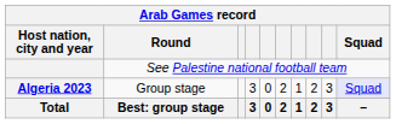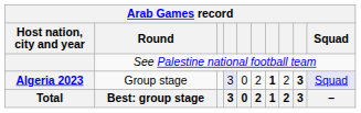 <table class="wikitable plainrowheaders" style="min-width:50%; font-size:90%; text-align:center;">
 <tr>
 <th colspan=10 style="width:80px;"><a href='#'>Arab Games</a> record</th>
 </tr>
 <tr>
 <th scope="col">Host nation,<br>city and year</th>
 <th scope="col">Round</th>
 <th scope="col"></th>
 <th scope="col"></th>
 <th scope="col"></th>
 <th scope="col"></th>
 <th scope="col"></th>
 <th scope="col"></th>
 <th scope="col"></th>
 <th scope="col">Squad</th>
 </tr>
 <tr>
 <th scope="row"></th>
 <td colspan="9"><em>See <a href='#'>Palestine national football team</a></em></td>
 </tr>
 <tr>
 <th scope="row"> <a href='#'>Algeria 2023</a></th>
 <td>Group stage</td>
 <td></td>
-<td>3</td>
+<td style="background: lavender;">3</td>
 <td>0</td>
 <td>2</td>
-<td>1</td>
+<td><strong>1</strong></td>
 <td>2</td>
-<td>3</td>
+<td><strong>3</strong></td>
 <td style="background: lavender;"><a href='#'>Squad</a></td>
 </tr>
 <tr>
 <th>Total</th>
 <th>Best: group stage</th>
 <th></th>
 <th>3</th>
 <th>0</th>
 <th>2</th>
 <th>1</th>
 <th>2</th>
 <th>3</th>
 <th>–</th>
 </tr>
 </table>
